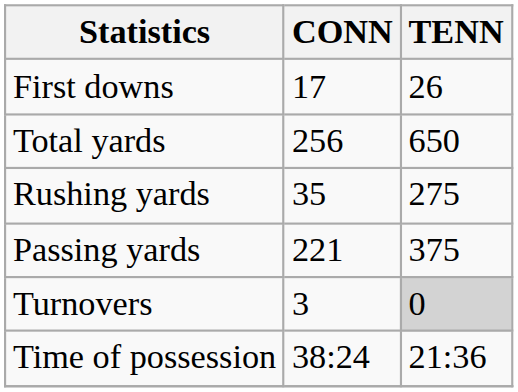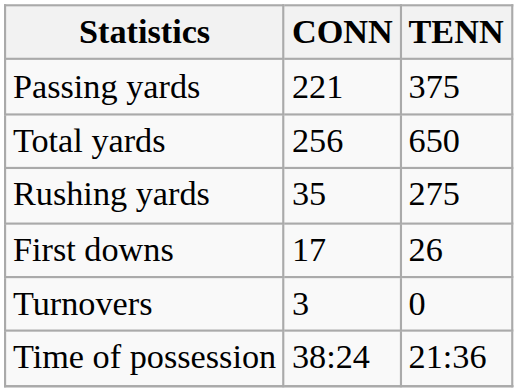 <table class="wikitable" style="float: left;">
 <tr>
 <th>Statistics</th>
 <th>CONN</th>
 <th>TENN</th>
 </tr>
 <tr>
-<td>First downs</td>
-<td>17</td>
-<td>26</td>
+<td>Passing yards</td>
+<td>221</td>
+<td>375</td>
 </tr>
 <tr>
 <td>Total yards</td>
 <td>256</td>
 <td>650</td>
 </tr>
 <tr>
 <td>Rushing yards</td>
 <td>35</td>
 <td>275</td>
 </tr>
 <tr>
-<td>Passing yards</td>
-<td>221</td>
-<td>375</td>
+<td>First downs</td>
+<td>17</td>
+<td>26</td>
 </tr>
 <tr>
 <td>Turnovers</td>
 <td>3</td>
-<td style="background: lightgrey;">0</td>
+<td>0</td>
 </tr>
 <tr>
 <td>Time of possession</td>
 <td>38:24</td>
 <td>21:36</td>
 </tr>
 <tr>
 </tr>
 </table>
